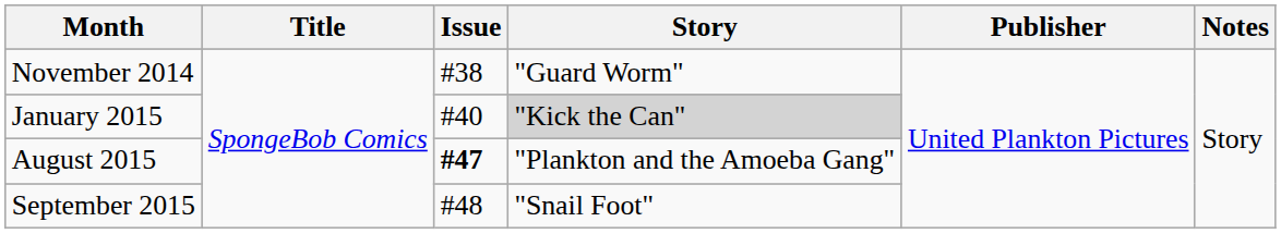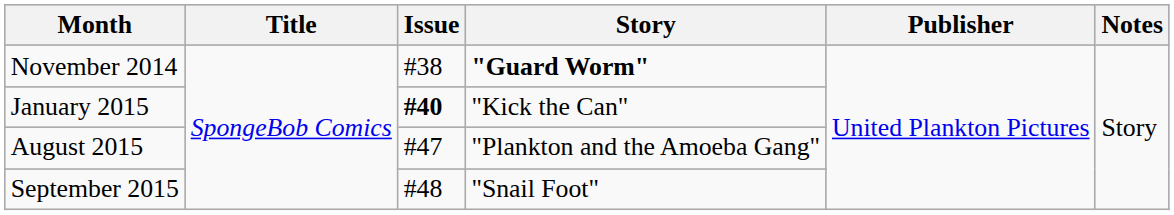 <table class="wikitable sortable">
 <tr>
 <th>Month</th>
 <th>Title</th>
 <th>Issue</th>
 <th>Story</th>
 <th>Publisher</th>
 <th>Notes</th>
 </tr>
 <tr>
 <td>November 2014</td>
 <td rowspan="4"><em><a href='#'>SpongeBob Comics</a></em></td>
 <td>#38</td>
-<td>"Guard Worm"</td>
+<td><strong>"Guard Worm"</strong></td>
 <td rowspan="4"><a href='#'>United Plankton Pictures</a></td>
 <td rowspan="4">Story</td>
 </tr>
 <tr>
 <td>January 2015</td>
-<td>#40</td>
-<td style="background: lightgrey;">"Kick the Can"</td>
+<td><strong>#40</strong></td>
+<td>"Kick the Can"</td>
 </tr>
 <tr>
 <td>August 2015</td>
-<td><strong>#47</strong></td>
+<td>#47</td>
 <td>"Plankton and the Amoeba Gang"</td>
 </tr>
 <tr>
 <td>September 2015</td>
 <td>#48</td>
 <td>"Snail Foot"</td>
 </tr>
 </table>
